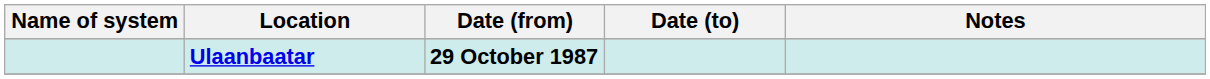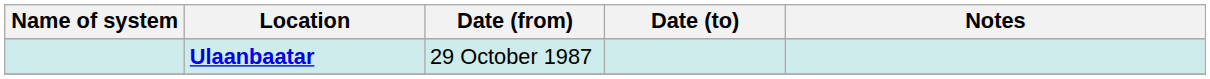 <table class="wikitable" width=100%>
 <tr>
 <th width=15%>Name of system</th>
 <th width=20%>Location</th>
 <th width=15%>Date (from)</th>
 <th width=15%>Date (to)</th>
 <th width=35%>Notes</th>
 </tr>
 <tr>
 </tr>
 <tr style="background:#CFECEC">
 <td> </td>
 <td><strong><a href='#'>Ulaanbaatar</a></strong></td>
-<td><strong>29 October 1987</strong></td>
+<td>29 October 1987</td>
 <td> </td>
 <td> </td>
 </tr>
 <tr>
 </tr>
 </table>
